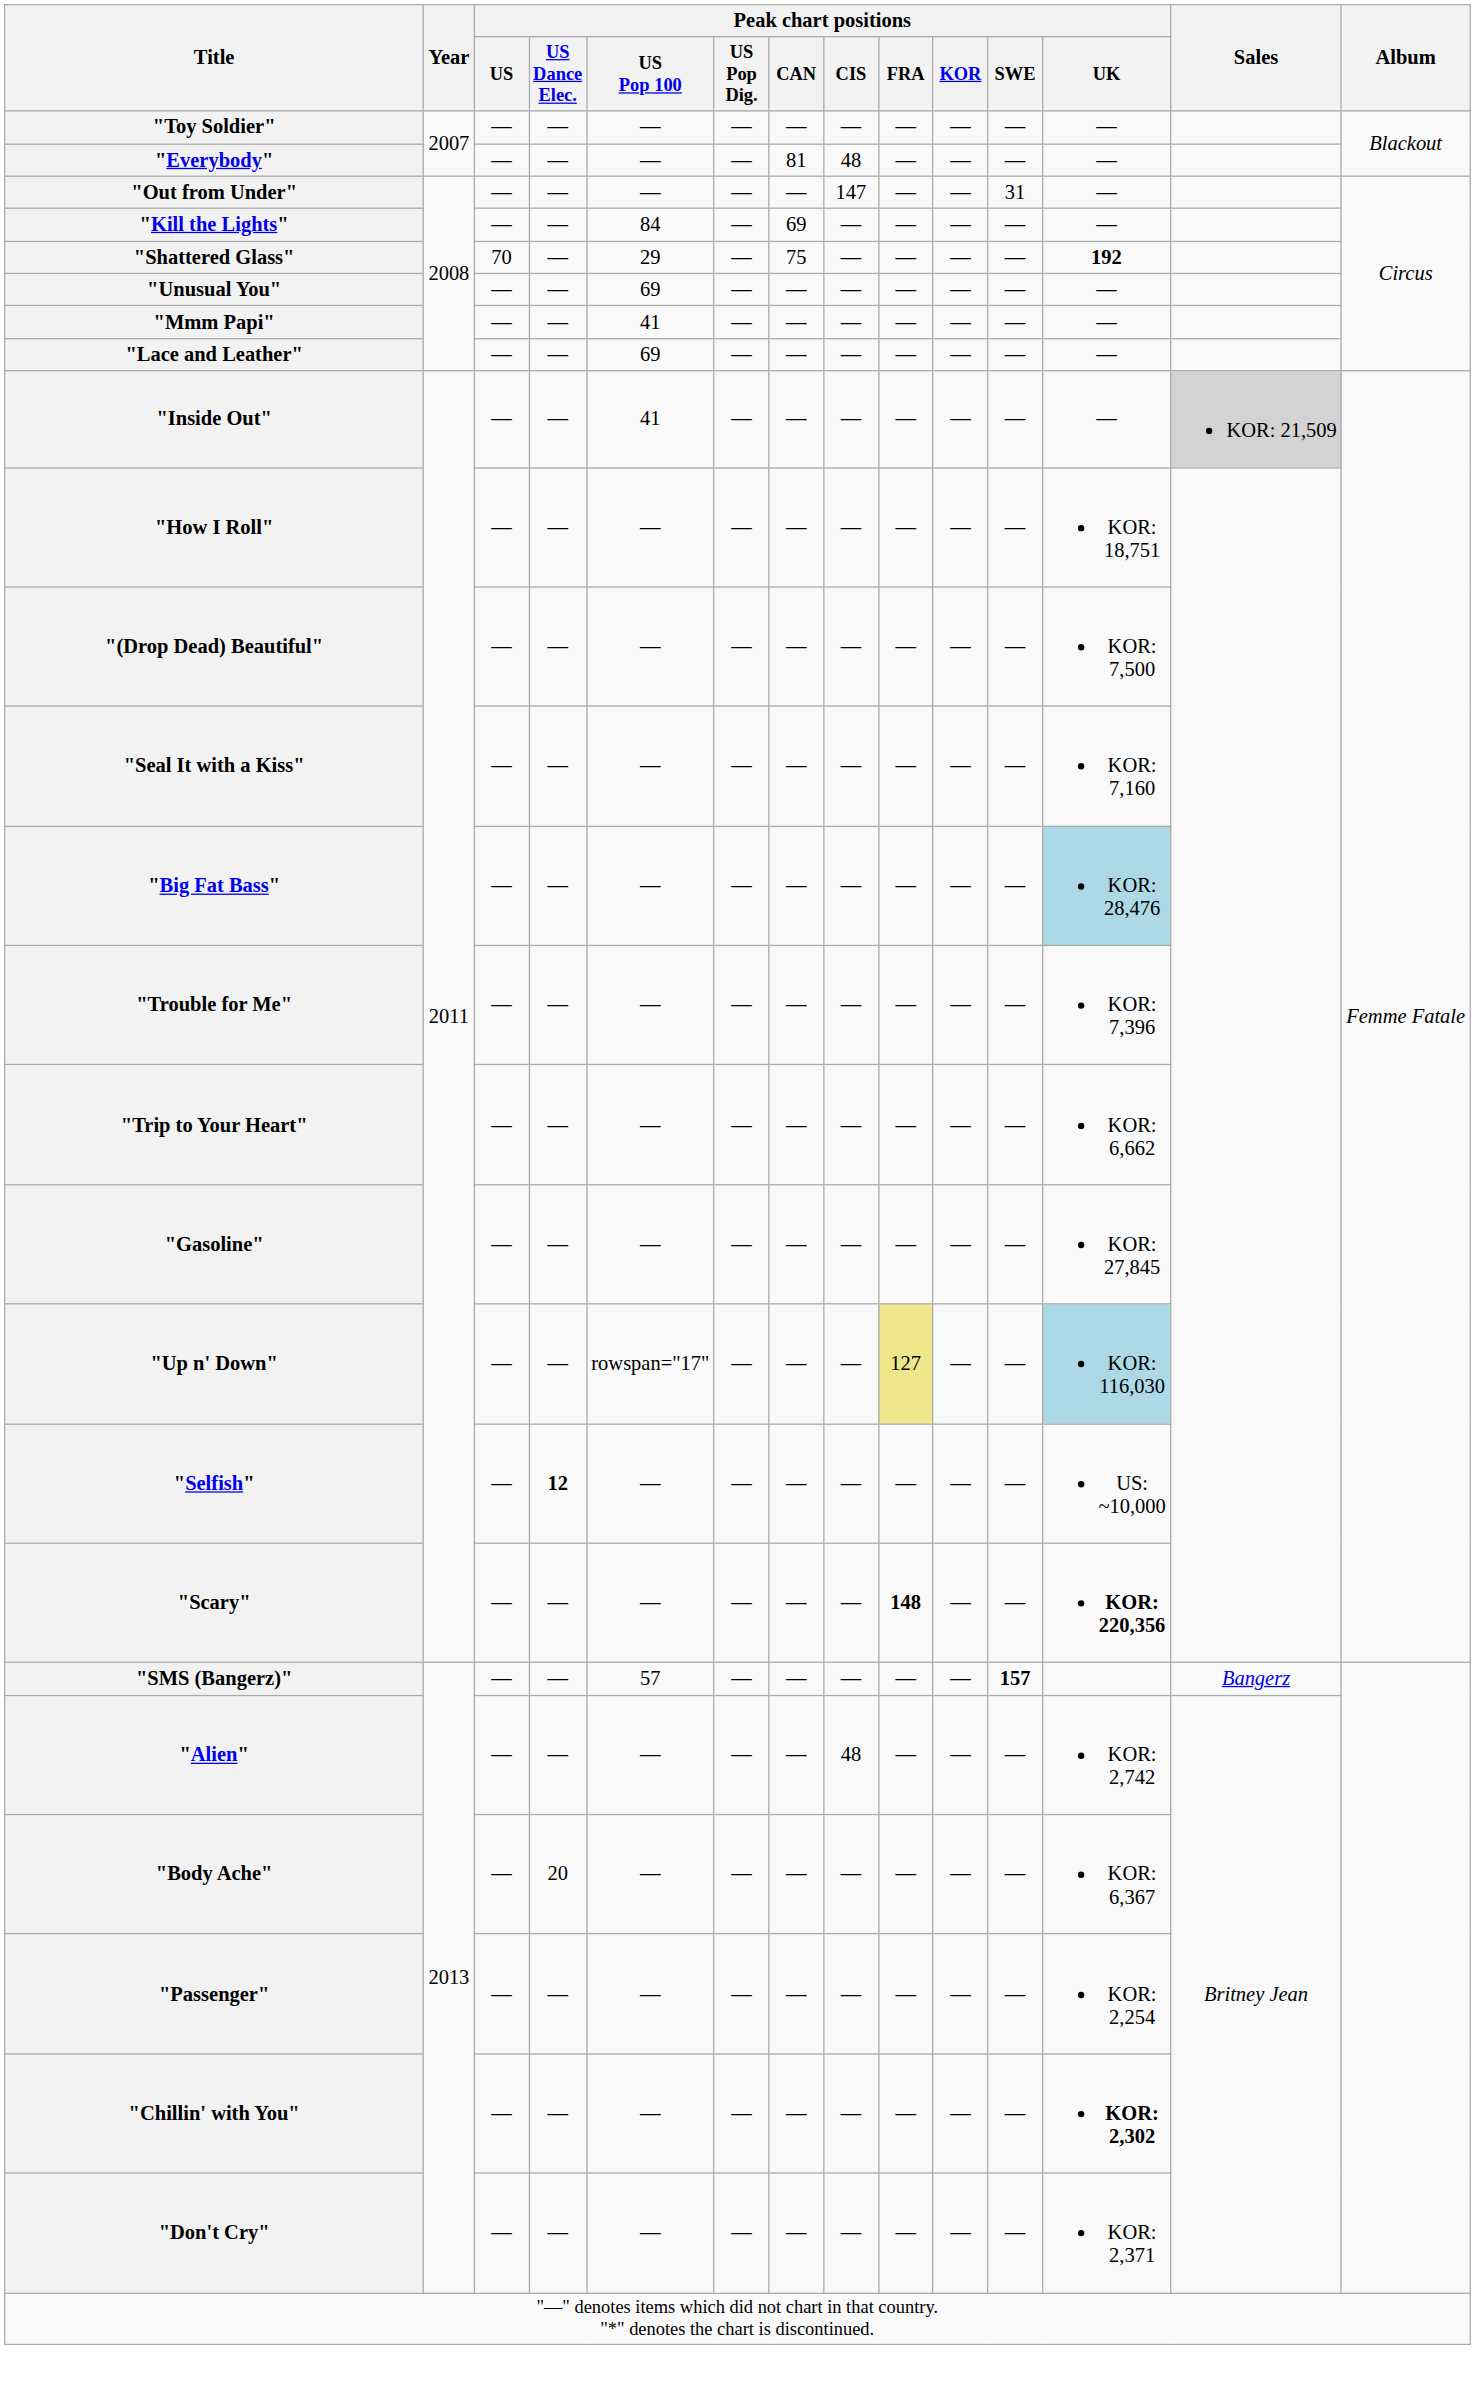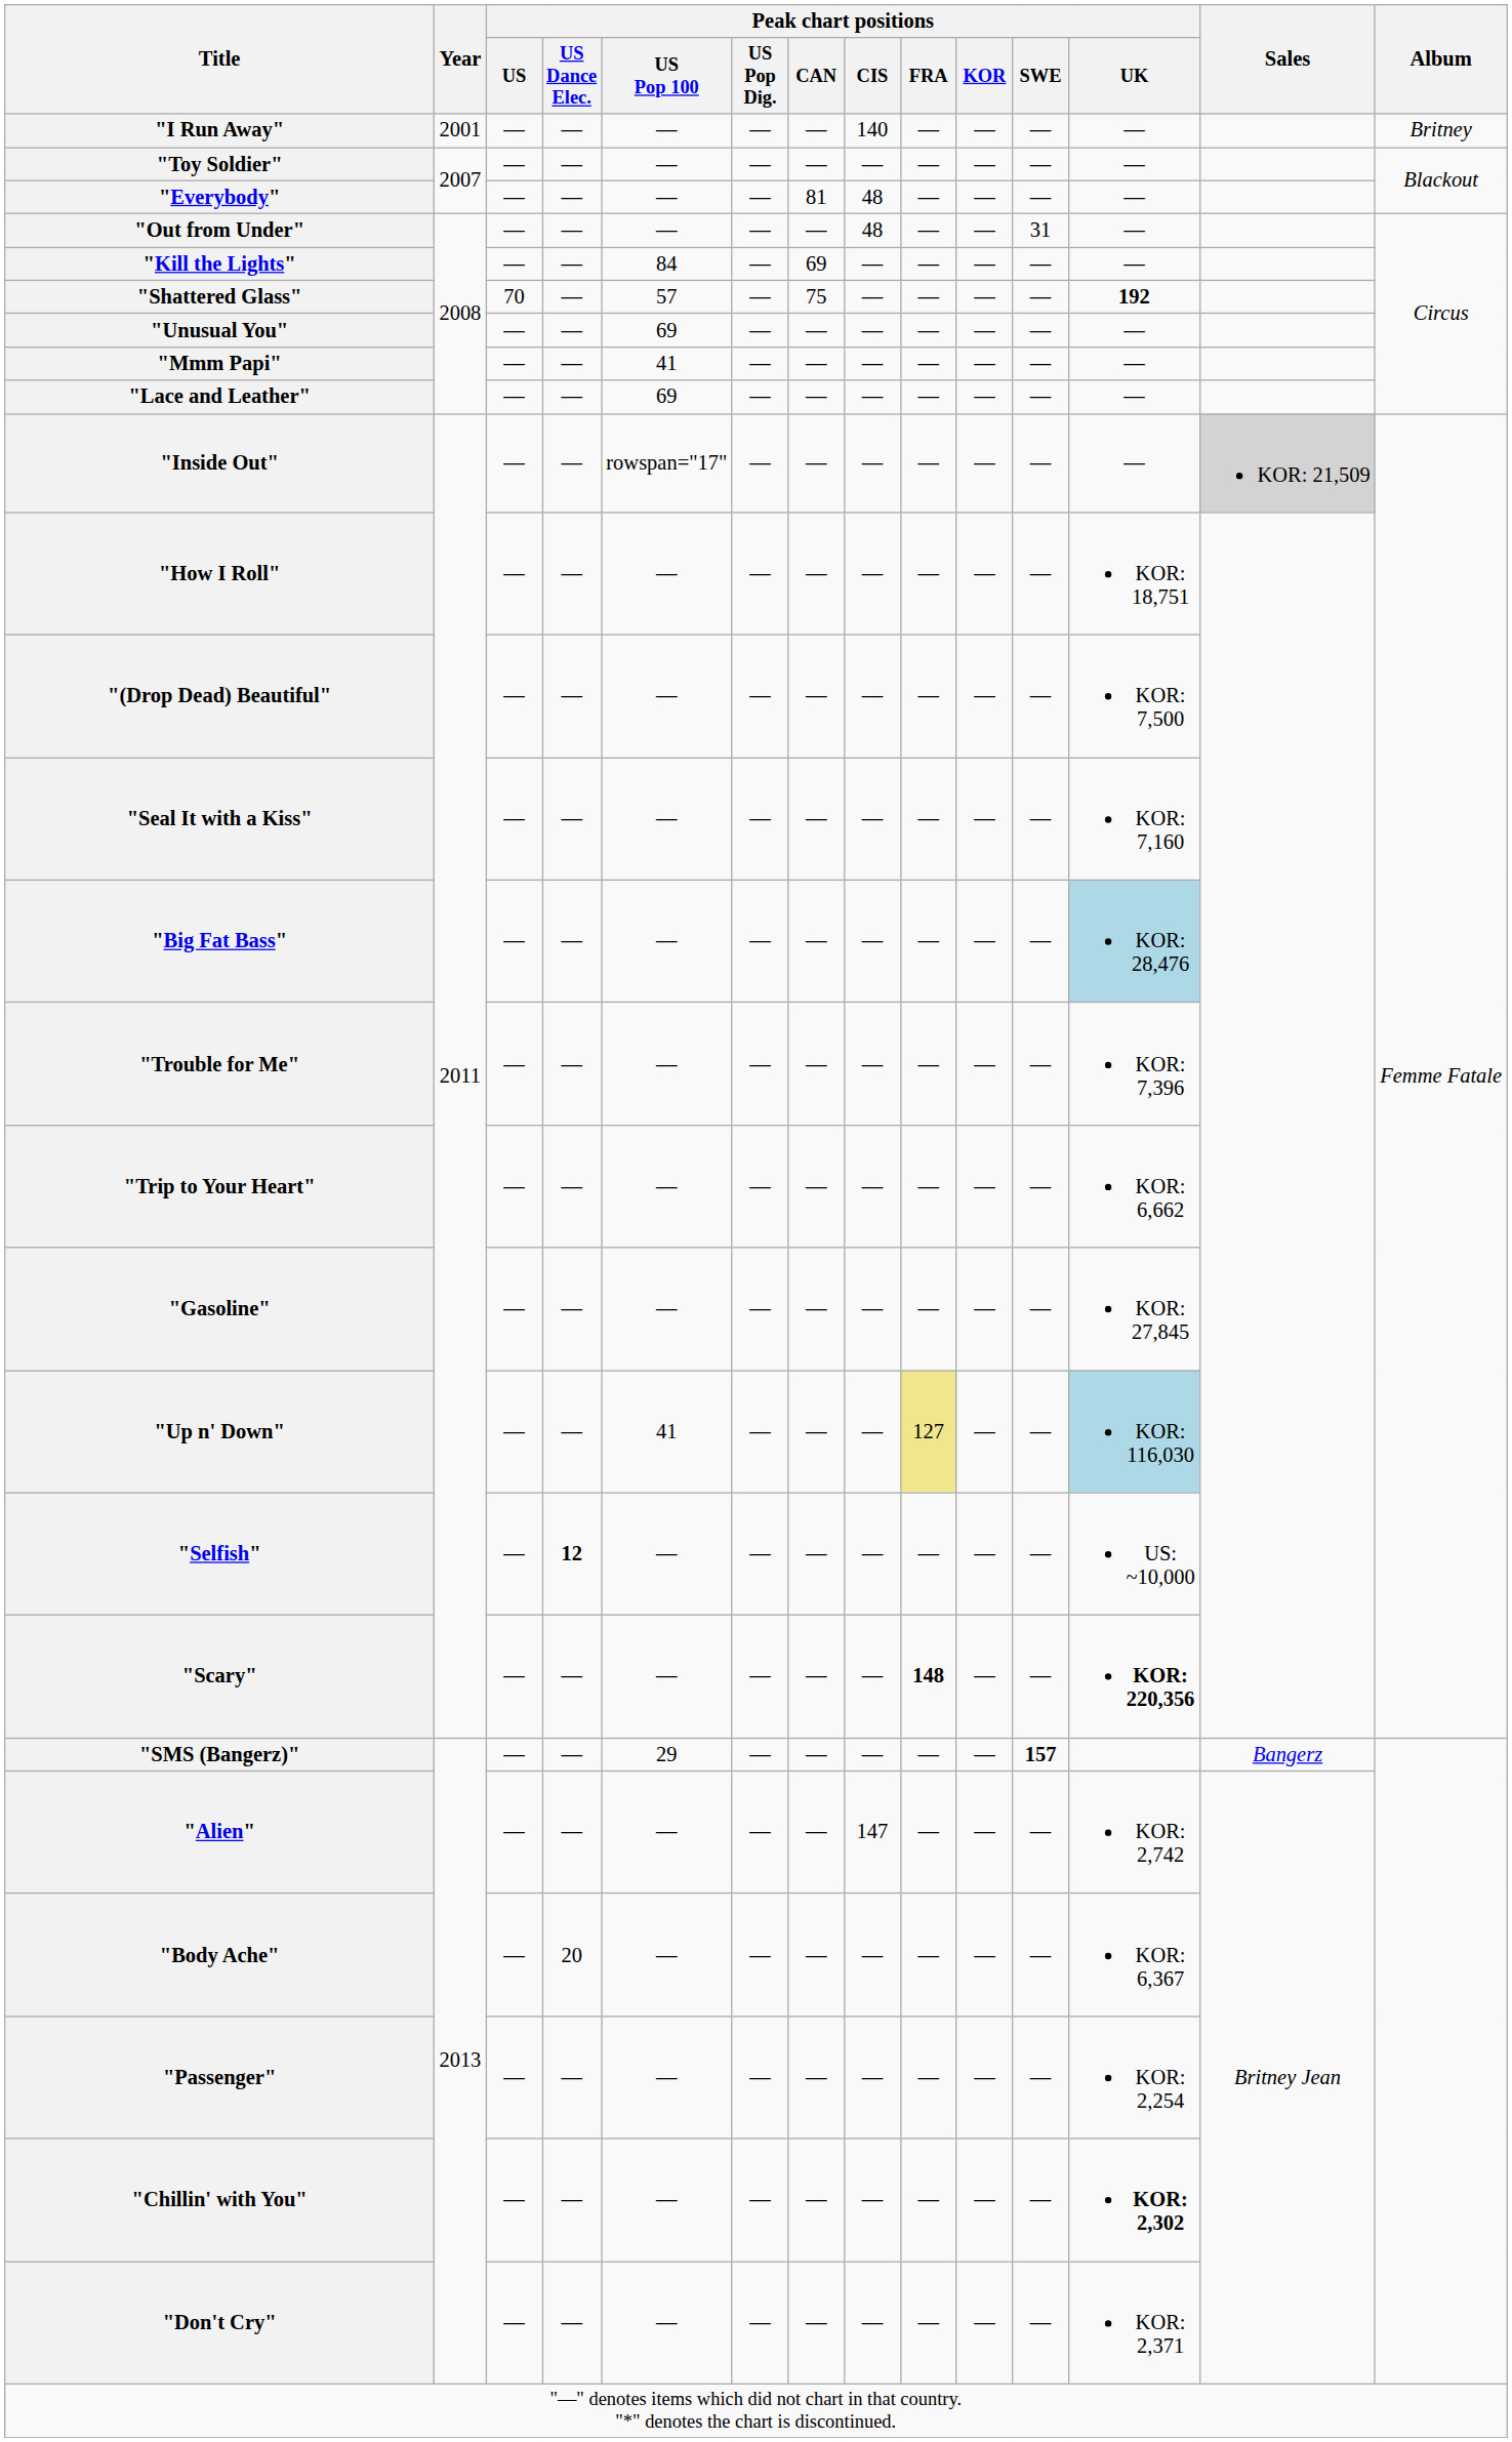 <table class="wikitable plainrowheaders" style="text-align:center;">
 <tr>
 <th scope="col" rowspan="2" style="width:20em;">Title</th>
 <th scope="col" rowspan="2">Year</th>
 <th scope="col" colspan="10">Peak chart positions</th>
 <th rowspan="2">Sales</th>
 <th scope="col" rowspan="2">Album</th>
 </tr>
 <tr>
 <th scope="col" style="width:2.5em;font-size:90%;">US<br></th>
 <th scope="col" style="width:2.5em;font-size:90%;"><a href='#'>US<br>Dance Elec.</a><br></th>
 <th scope="col" style="width:2.5em;font-size:90%;">US<br><a href='#'>Pop 100</a><br></th>
 <th scope="col" style="width:2.5em;font-size:90%;">US<br>Pop Dig.<br></th>
 <th scope="col" style="width:2.5em;font-size:90%;">CAN<br></th>
 <th scope="col" style="width:2.5em;font-size:90%;">CIS<br></th>
 <th scope="col" style="width:2.5em;font-size:90%;">FRA<br></th>
 <th scope="col" style="width:2.5em;font-size:90%;"><a href='#'>KOR</a><br></th>
 <th scope="col" style="width:2.5em;font-size:90%;">SWE<br></th>
 <th scope="col" style="width:2.5em;font-size:90%;">UK<br></th>
+</tr>
+<tr>
+<th scope="row">"I Run Away"</th>
+<td>2001</td>
+<td>—</td>
+<td>—</td>
+<td>—</td>
+<td>—</td>
+<td>—</td>
+<td>140</td>
+<td>—</td>
+<td>—</td>
+<td>—</td>
+<td>—</td>
+<td></td>
+<td><em>Britney</em></td>
 </tr>
 <tr>
 <th scope="row">"Toy Soldier"</th>
 <td rowspan="2">2007</td>
 <td>—</td>
 <td>—</td>
 <td>—</td>
 <td>—</td>
 <td>—</td>
 <td>—</td>
 <td>—</td>
 <td>—</td>
 <td>—</td>
 <td>—</td>
 <td></td>
 <td rowspan="2"><em>Blackout</em></td>
 </tr>
 <tr>
 <th scope="row">"<a href='#'>Everybody</a>"</th>
 <td>—</td>
 <td>—</td>
 <td>—</td>
 <td>—</td>
 <td>81</td>
 <td>48</td>
 <td>—</td>
 <td>—</td>
 <td>—</td>
 <td>—</td>
 <td></td>
 </tr>
 <tr>
 <th scope="row">"Out from Under"</th>
 <td rowspan="6">2008</td>
 <td>—</td>
 <td>—</td>
 <td>—</td>
 <td>—</td>
 <td>—</td>
-<td>147</td>
+<td>48</td>
 <td>—</td>
 <td>—</td>
 <td>31</td>
 <td>—</td>
 <td></td>
 <td rowspan="6"><em>Circus</em></td>
 </tr>
 <tr>
 <th scope="row">"<a href='#'>Kill the Lights</a>"</th>
 <td>—</td>
 <td>—</td>
 <td>84</td>
 <td>—</td>
 <td>69</td>
 <td>—</td>
 <td>—</td>
 <td>—</td>
 <td>—</td>
 <td>—</td>
 <td></td>
 </tr>
 <tr>
 <th scope="row">"Shattered Glass"</th>
 <td>70</td>
 <td>—</td>
-<td>29</td>
+<td>57</td>
 <td>—</td>
 <td>75</td>
 <td>—</td>
 <td>—</td>
 <td>—</td>
 <td>—</td>
 <td><strong>192</strong></td>
 <td></td>
 </tr>
 <tr>
 <th scope="row">"Unusual You"</th>
 <td>—</td>
 <td>—</td>
 <td>69</td>
 <td>—</td>
 <td>—</td>
 <td>—</td>
 <td>—</td>
 <td>—</td>
 <td>—</td>
 <td>—</td>
 <td></td>
 </tr>
 <tr>
 <th scope="row">"Mmm Papi"</th>
 <td>—</td>
 <td>—</td>
 <td>41</td>
 <td>—</td>
 <td>—</td>
 <td>—</td>
 <td>—</td>
 <td>—</td>
 <td>—</td>
 <td>—</td>
 <td></td>
 </tr>
 <tr>
 <th scope="row">"Lace and Leather"</th>
 <td>—</td>
 <td>—</td>
 <td>69</td>
 <td>—</td>
 <td>—</td>
 <td>—</td>
 <td>—</td>
 <td>—</td>
 <td>—</td>
 <td>—</td>
 <td></td>
 </tr>
 <tr>
 <th scope="row">"Inside Out"</th>
 <td rowspan="11">2011</td>
 <td>—</td>
 <td>—</td>
-<td>41</td>
+<td>rowspan="17" </td>
 <td>—</td>
 <td>—</td>
 <td>—</td>
 <td>—</td>
 <td>—</td>
 <td>—</td>
 <td>—</td>
 <td style="background: lightgrey;"><br><ul><li>KOR: 21,509</li></ul></td>
 <td rowspan="11"><em>Femme Fatale</em></td>
 </tr>
 <tr>
 <th scope="row">"How I Roll"</th>
 <td>—</td>
 <td>—</td>
 <td>—</td>
 <td>—</td>
 <td>—</td>
 <td>—</td>
 <td>—</td>
 <td>—</td>
 <td>—</td>
 <td><br><ul><li>KOR: 18,751</li></ul></td>
 </tr>
 <tr>
 <th scope="row">"(Drop Dead) Beautiful"<br></th>
 <td>—</td>
 <td>—</td>
 <td>—</td>
 <td>—</td>
 <td>—</td>
 <td>—</td>
 <td>—</td>
 <td>—</td>
 <td>—</td>
 <td><br><ul><li>KOR: 7,500</li></ul></td>
 </tr>
 <tr>
 <th scope="row">"Seal It with a Kiss"</th>
 <td>—</td>
 <td>—</td>
 <td>—</td>
 <td>—</td>
 <td>—</td>
 <td>—</td>
 <td>—</td>
 <td>—</td>
 <td>—</td>
 <td><br><ul><li>KOR: 7,160</li></ul></td>
 </tr>
 <tr>
 <th scope="row">"<a href='#'>Big Fat Bass</a>"<br></th>
 <td>—</td>
 <td>—</td>
 <td>—</td>
 <td>—</td>
 <td>—</td>
 <td>—</td>
 <td>—</td>
 <td>—</td>
 <td>—</td>
 <td style="background: lightblue;"><br><ul><li>KOR: 28,476</li></ul></td>
 </tr>
 <tr>
 <th scope="row">"Trouble for Me"</th>
 <td>—</td>
 <td>—</td>
 <td>—</td>
 <td>—</td>
 <td>—</td>
 <td>—</td>
 <td>—</td>
 <td>—</td>
 <td>—</td>
 <td><br><ul><li>KOR: 7,396</li></ul></td>
 </tr>
 <tr>
 <th scope="row">"Trip to Your Heart"</th>
 <td>—</td>
 <td>—</td>
 <td>—</td>
 <td>—</td>
 <td>—</td>
 <td>—</td>
 <td>—</td>
 <td>—</td>
 <td>—</td>
 <td><br><ul><li>KOR: 6,662</li></ul></td>
 </tr>
 <tr>
 <th scope="row">"Gasoline"</th>
 <td>—</td>
 <td>—</td>
 <td>—</td>
 <td>—</td>
 <td>—</td>
 <td>—</td>
 <td>—</td>
 <td>—</td>
 <td>—</td>
 <td><br><ul><li>KOR: 27,845</li></ul></td>
 </tr>
 <tr>
 <th scope="row">"Up n' Down"</th>
 <td>—</td>
 <td>—</td>
-<td>rowspan="17" </td>
+<td>41</td>
 <td>—</td>
 <td>—</td>
 <td>—</td>
 <td style="background: khaki;">127</td>
 <td>—</td>
 <td>—</td>
 <td style="background: lightblue;"><br><ul><li>KOR: 116,030</li></ul></td>
 </tr>
 <tr>
 <th scope="row">"<a href='#'>Selfish</a>"</th>
 <td>—</td>
 <td><strong>12</strong></td>
 <td>—</td>
 <td>—</td>
 <td>—</td>
 <td>—</td>
 <td>—</td>
 <td>—</td>
 <td>—</td>
 <td><br><ul><li>US: ~10,000</li></ul></td>
 </tr>
 <tr>
 <th scope="row">"Scary"</th>
 <td>—</td>
 <td>—</td>
 <td>—</td>
 <td>—</td>
 <td>—</td>
 <td>—</td>
 <td><strong>148</strong></td>
 <td>—</td>
 <td>—</td>
 <td><strong><br><ul><li>KOR: 220,356</li></ul></strong></td>
 </tr>
 <tr>
 <th scope="row">"SMS (Bangerz)"<br></th>
 <td rowspan="6">2013</td>
 <td>—</td>
 <td>—</td>
-<td>57</td>
+<td>29</td>
 <td>—</td>
 <td>—</td>
 <td>—</td>
 <td>—</td>
 <td>—</td>
 <td><strong>157</strong></td>
 <td></td>
 <td><em><a href='#'>Bangerz</a></em></td>
 </tr>
 <tr>
 <th scope="row">"<a href='#'>Alien</a>"</th>
 <td>—</td>
 <td>—</td>
 <td>—</td>
 <td>—</td>
 <td>—</td>
-<td>48</td>
+<td>147</td>
 <td>—</td>
 <td>—</td>
 <td>—</td>
 <td><br><ul><li>KOR: 2,742</li></ul></td>
 <td rowspan="5"><em>Britney Jean</em></td>
 </tr>
 <tr>
 <th scope="row">"Body Ache"</th>
 <td>—</td>
 <td>20</td>
 <td>—</td>
 <td>—</td>
 <td>—</td>
 <td>—</td>
 <td>—</td>
 <td>—</td>
 <td>—</td>
 <td><br><ul><li>KOR: 6,367</li></ul></td>
 </tr>
 <tr>
 <th scope="row">"Passenger"</th>
 <td>—</td>
 <td>—</td>
 <td>—</td>
 <td>—</td>
 <td>—</td>
 <td>—</td>
 <td>—</td>
 <td>—</td>
 <td>—</td>
 <td><br><ul><li>KOR: 2,254</li></ul></td>
 </tr>
 <tr>
 <th scope="row">"Chillin' with You"<br></th>
 <td>—</td>
 <td>—</td>
 <td>—</td>
 <td>—</td>
 <td>—</td>
 <td>—</td>
 <td>—</td>
 <td>—</td>
 <td>—</td>
 <td><strong><br><ul><li>KOR: 2,302</li></ul></strong></td>
 </tr>
 <tr>
 <th scope="row">"Don't Cry"</th>
 <td>—</td>
 <td>—</td>
 <td>—</td>
 <td>—</td>
 <td>—</td>
 <td>—</td>
 <td>—</td>
 <td>—</td>
 <td>—</td>
 <td><br><ul><li>KOR: 2,371</li></ul></td>
 </tr>
 <tr>
 <td colspan="14" style="font-size:90%">"—" denotes items which did not chart in that country.<br>"*" denotes the chart is discontinued.</td>
 </tr>
 </table>
